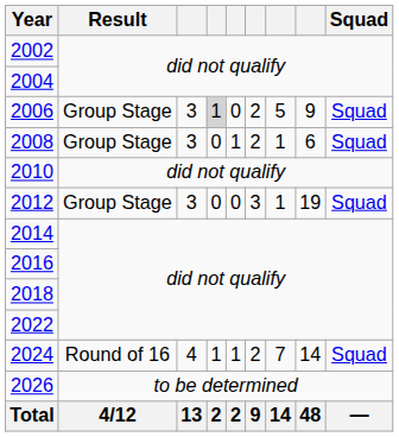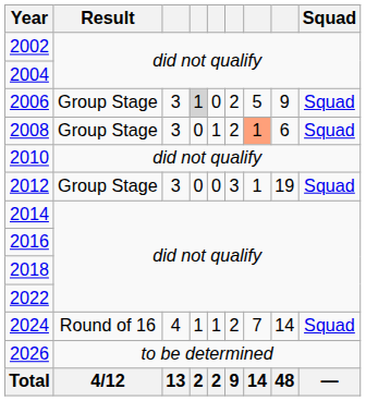 <table class="wikitable" style="text-align: center;">
 <tr>
 <th>Year</th>
 <th>Result</th>
 <th></th>
 <th></th>
 <th></th>
 <th></th>
 <th></th>
 <th></th>
 <th>Squad</th>
 </tr>
 <tr>
 <td> <a href='#'>2002</a></td>
 <td colspan=9 rowspan=2><em>did not qualify</em></td>
 </tr>
 <tr>
 <td> <a href='#'>2004</a></td>
 </tr>
 <tr>
 <td> <a href='#'>2006</a></td>
 <td>Group Stage</td>
 <td>3</td>
 <td style="background: lightgrey;">1</td>
 <td>0</td>
 <td>2</td>
 <td>5</td>
 <td>9</td>
 <td><a href='#'>Squad</a></td>
 </tr>
 <tr>
 <td> <a href='#'>2008</a></td>
 <td>Group Stage</td>
 <td>3</td>
 <td>0</td>
 <td>1</td>
 <td>2</td>
-<td>1</td>
+<td style="background: lightsalmon;">1</td>
 <td>6</td>
 <td><a href='#'>Squad</a></td>
 </tr>
 <tr>
 <td> <a href='#'>2010</a></td>
 <td colspan=9><em>did not qualify</em></td>
 </tr>
 <tr>
 <td> <a href='#'>2012</a></td>
 <td>Group Stage</td>
 <td>3</td>
 <td>0</td>
 <td>0</td>
 <td>3</td>
 <td>1</td>
 <td>19</td>
 <td><a href='#'>Squad</a></td>
 </tr>
 <tr>
 <td> <a href='#'>2014</a></td>
 <td colspan=9 rowspan=4><em>did not qualify</em></td>
 </tr>
 <tr>
 <td> <a href='#'>2016</a></td>
 </tr>
 <tr>
 <td> <a href='#'>2018</a></td>
 </tr>
 <tr>
 <td> <a href='#'>2022</a></td>
 </tr>
 <tr>
 <td> <a href='#'>2024</a></td>
 <td>Round of 16</td>
 <td>4</td>
 <td>1</td>
 <td>1</td>
 <td>2</td>
 <td>7</td>
 <td>14</td>
 <td><a href='#'>Squad</a></td>
 </tr>
 <tr>
 <td> <a href='#'>2026</a></td>
 <td colspan=9><em>to be determined</em></td>
 </tr>
 <tr>
 <th><strong>Total</strong></th>
 <th><strong>4/12</strong></th>
 <th><strong>13</strong></th>
 <th><strong>2</strong></th>
 <th><strong>2</strong></th>
 <th><strong>9</strong></th>
 <th><strong>14</strong></th>
 <th><strong>48</strong></th>
 <th>—</th>
 </tr>
 </table>
